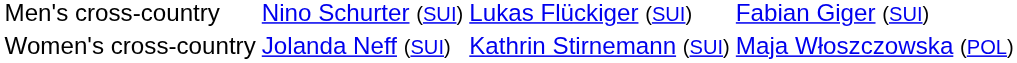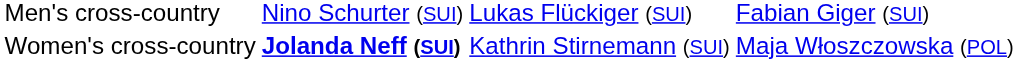 <table>
 <tr>
 <td>Men's cross-country<br></td>
 <td> <a href='#'>Nino Schurter</a> <small>(<a href='#'>SUI</a>)</small></td>
 <td> <a href='#'>Lukas Flückiger</a> <small>(<a href='#'>SUI</a>)</small></td>
 <td> <a href='#'>Fabian Giger</a> <small>(<a href='#'>SUI</a>)</small></td>
 </tr>
 <tr>
 <td>Women's cross-country<br></td>
-<td> <a href='#'>Jolanda Neff</a> <small>(<a href='#'>SUI</a>)</small></td>
+<td><strong> <a href='#'>Jolanda Neff</a> <small>(<a href='#'>SUI</a>)</small></strong></td>
 <td> <a href='#'>Kathrin Stirnemann</a> <small>(<a href='#'>SUI</a>)</small></td>
 <td> <a href='#'>Maja Włoszczowska</a> <small>(<a href='#'>POL</a>)</small></td>
 </tr>
 </table>
